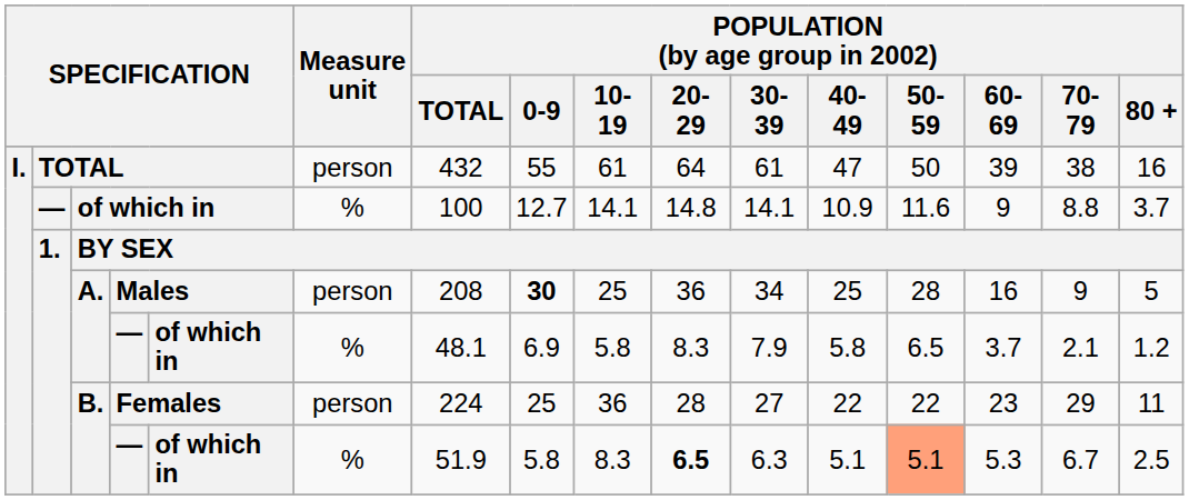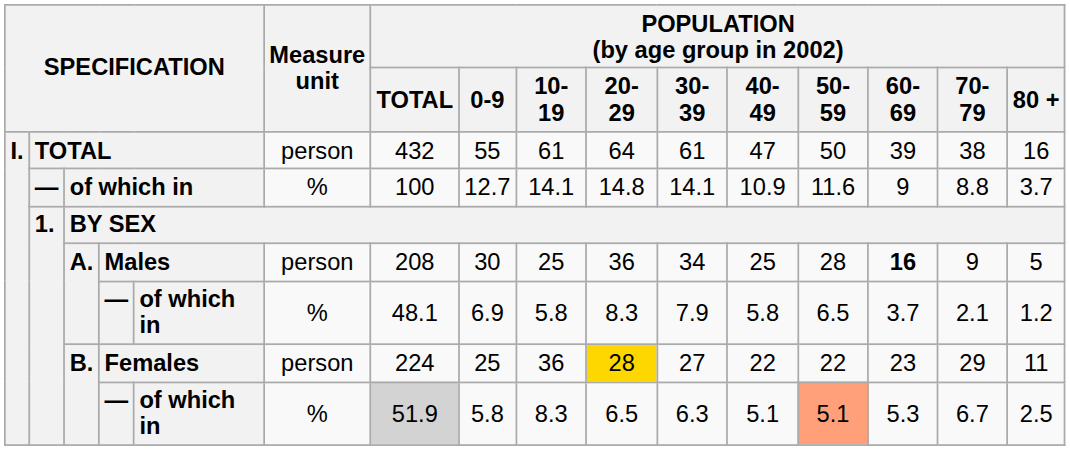 <table class="wikitable" style="font-size:85%; text-align:center">
 <tr>
 <th rowspan="2" colspan="5">SPECIFICATION</th>
 <th rowspan="2">Measure<br> unit</th>
 <th colspan="10" rowspan="1">POPULATION<br> (by age group in 2002)</th>
 </tr>
 <tr>
 <th>TOTAL</th>
 <th>0-9</th>
 <th>10-19</th>
 <th>20-29</th>
 <th>30-39</th>
 <th>40-49</th>
 <th>50-59</th>
 <th>60-69</th>
 <th>70-79</th>
 <th>80 +</th>
 </tr>
 <tr>
 <th style="text-align:left" valign="top" rowspan="7">I.</th>
 <th style="text-align:left" colspan="4">TOTAL</th>
 <td>person</td>
 <td>432</td>
 <td>55</td>
 <td>61</td>
 <td>64</td>
 <td>61</td>
 <td>47</td>
 <td>50</td>
 <td>39</td>
 <td>38</td>
 <td>16</td>
 </tr>
 <tr>
 <th style="text-align:left" valign="top">—</th>
 <th style="text-align:left" colspan="3">of which in</th>
 <td>%</td>
 <td>100</td>
 <td>12.7</td>
 <td>14.1</td>
 <td>14.8</td>
 <td>14.1</td>
 <td>10.9</td>
 <td>11.6</td>
 <td>9</td>
 <td>8.8</td>
 <td>3.7</td>
 </tr>
 <tr>
 <th style="text-align:left" valign="top" rowspan="5">1.</th>
 <th style="text-align:left" colspan="14">BY SEX</th>
 </tr>
 <tr>
 <th style="text-align:left" valign="top" rowspan="2">A.</th>
 <th style="text-align:left" colspan="2">Males</th>
 <td>person</td>
 <td>208</td>
-<td><strong>30</strong></td>
+<td>30</td>
 <td>25</td>
 <td>36</td>
 <td>34</td>
 <td>25</td>
 <td>28</td>
-<td>16</td>
+<td><strong>16</strong></td>
 <td>9</td>
 <td>5</td>
 </tr>
 <tr>
 <th style="text-align:left" valign="top">—</th>
 <th style="text-align:left" colspan="1">of which in</th>
 <td>%</td>
 <td>48.1</td>
 <td>6.9</td>
 <td>5.8</td>
 <td>8.3</td>
 <td>7.9</td>
 <td>5.8</td>
 <td>6.5</td>
 <td>3.7</td>
 <td>2.1</td>
 <td>1.2</td>
 </tr>
 <tr>
 <th style="text-align:left" valign="top" rowspan="2">B.</th>
 <th style="text-align:left" colspan="2">Females</th>
 <td>person</td>
 <td>224</td>
 <td>25</td>
 <td>36</td>
-<td>28</td>
+<td style="background: gold;">28</td>
 <td>27</td>
 <td>22</td>
 <td>22</td>
 <td>23</td>
 <td>29</td>
 <td>11</td>
 </tr>
 <tr>
 <th style="text-align:left" valign="top">—</th>
 <th style="text-align:left" colspan="1">of which in</th>
 <td>%</td>
-<td>51.9</td>
+<td style="background: lightgrey;">51.9</td>
 <td>5.8</td>
 <td>8.3</td>
-<td><strong>6.5</strong></td>
+<td>6.5</td>
 <td>6.3</td>
 <td>5.1</td>
 <td style="background: lightsalmon;">5.1</td>
 <td>5.3</td>
 <td>6.7</td>
 <td>2.5</td>
 </tr>
 </table>
